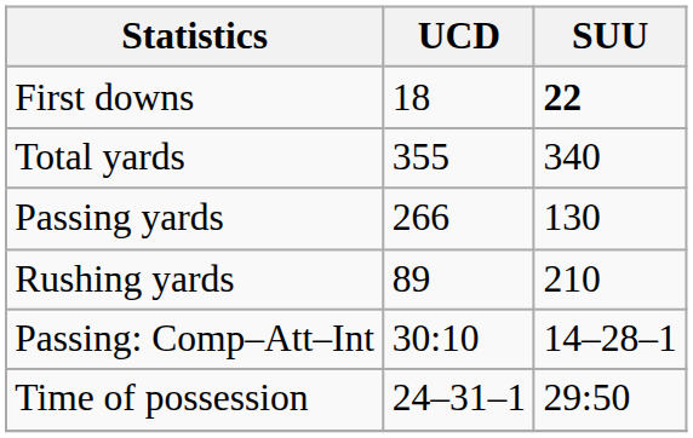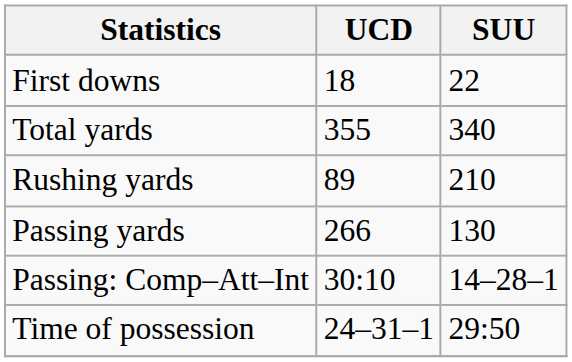 <table class="wikitable" style="float: left;">
 <tr>
 <th>Statistics</th>
 <th>UCD</th>
 <th>SUU</th>
 </tr>
 <tr>
 <td>First downs</td>
 <td>18</td>
-<td><strong>22</strong></td>
+<td>22</td>
 </tr>
 <tr>
 <td>Total yards</td>
 <td>355</td>
 <td>340</td>
 </tr>
 <tr>
+<td>Rushing yards</td>
+<td>89</td>
+<td>210</td>
+</tr>
+<tr>
 <td>Passing yards</td>
 <td>266</td>
 <td>130</td>
-</tr>
-<tr>
-<td>Rushing yards</td>
-<td>89</td>
-<td>210</td>
 </tr>
 <tr>
 <td>Passing: Comp–Att–Int</td>
 <td>30:10</td>
 <td>14–28–1</td>
 </tr>
 <tr>
 <td>Time of possession</td>
 <td>24–31–1</td>
 <td>29:50</td>
 </tr>
 <tr>
 </tr>
 </table>
